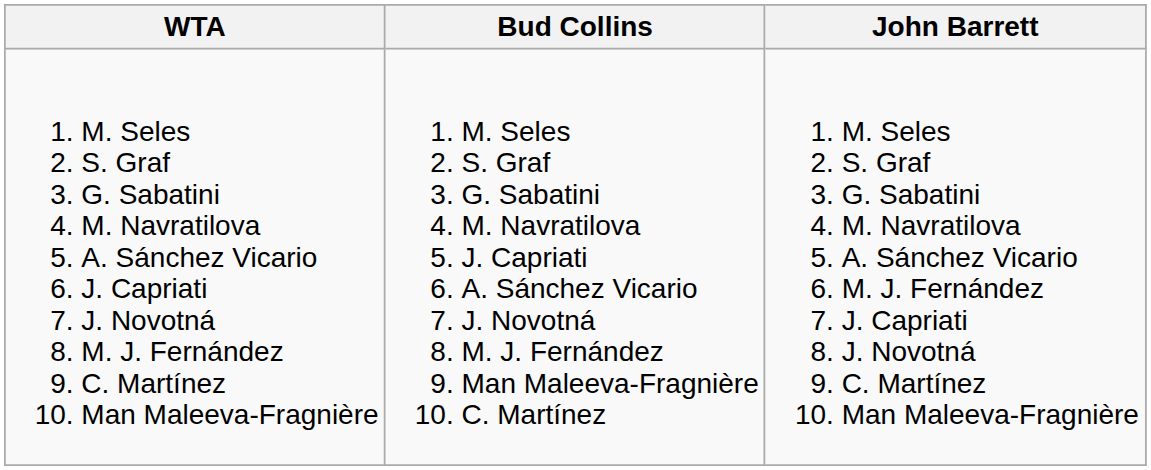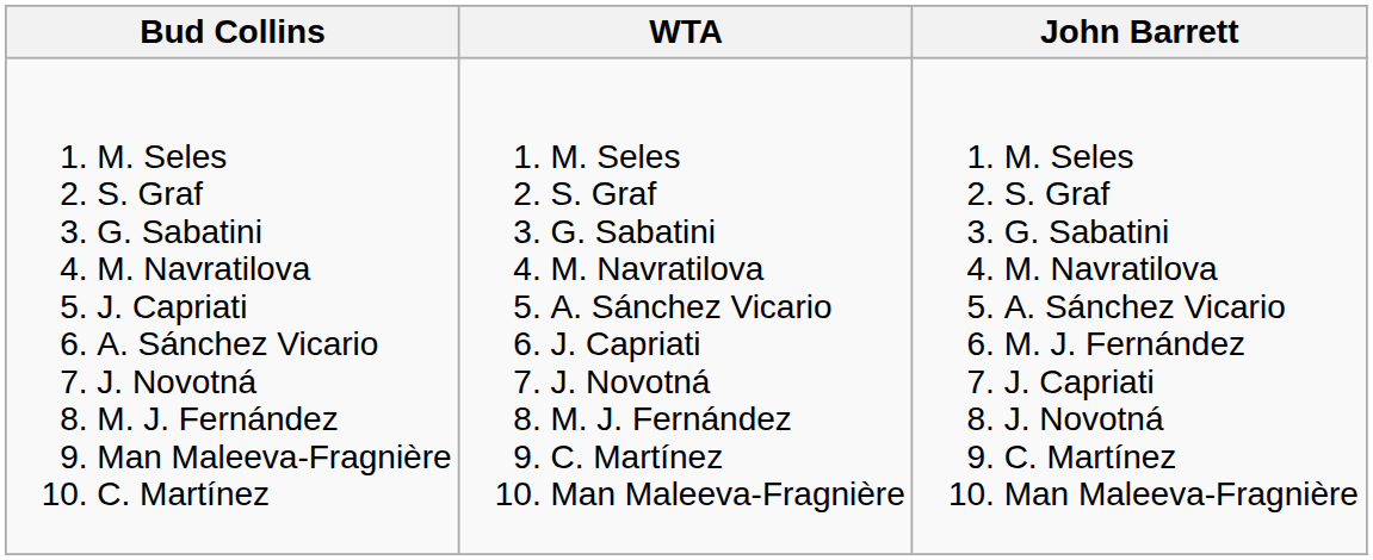 <table class="wikitable">
 <tr>
+<th>Bud Collins</th>
 <th>WTA</th>
-<th>Bud Collins</th>
 <th>John Barrett</th>
 </tr>
 <tr style="vertical-align: top;">
+<td style="white-space: nowrap;"><br><ol><li> M. Seles</li><li> S. Graf</li><li> G. Sabatini</li><li> M. Navratilova</li><li> J. Capriati</li><li> A. Sánchez Vicario</li><li> J. Novotná</li><li> M. J. Fernández</li><li> Man Maleeva-Fragnière</li><li> C. Martínez</li></ol></td>
 <td style="white-space: nowrap;"><br><ol><li> M. Seles</li><li> S. Graf</li><li> G. Sabatini</li><li> M. Navratilova</li><li> A. Sánchez Vicario</li><li> J. Capriati</li><li> J. Novotná</li><li> M. J. Fernández</li><li> C. Martínez</li><li> Man Maleeva-Fragnière</li></ol></td>
-<td style="white-space: nowrap;"><br><ol><li> M. Seles</li><li> S. Graf</li><li> G. Sabatini</li><li> M. Navratilova</li><li> J. Capriati</li><li> A. Sánchez Vicario</li><li> J. Novotná</li><li> M. J. Fernández</li><li> Man Maleeva-Fragnière</li><li> C. Martínez</li></ol></td>
 <td style="white-space: nowrap;"><br><ol><li> M. Seles</li><li> S. Graf</li><li> G. Sabatini</li><li> M. Navratilova</li><li> A. Sánchez Vicario</li><li> M. J. Fernández</li><li> J. Capriati</li><li> J. Novotná</li><li> C. Martínez</li><li> Man Maleeva-Fragnière</li></ol></td>
 </tr>
 </table>
